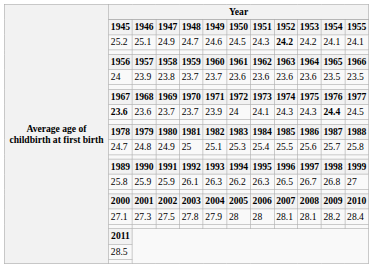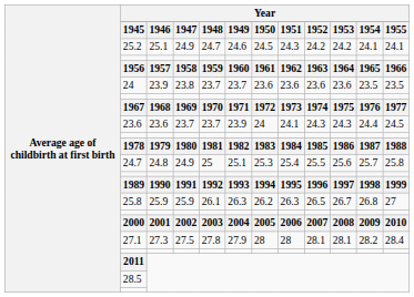 <table class="wikitable">
 <tr>
 <th rowspan="27">Average age of childbirth at first birth</th>
 <th colspan="11">Year</th>
 </tr>
 <tr>
 </tr>
 <tr>
 <th>1945</th>
 <th>1946</th>
 <th>1947</th>
 <th>1948</th>
 <th>1949</th>
 <th>1950</th>
 <th>1951</th>
 <th>1952</th>
 <th>1953</th>
 <th>1954</th>
 <th>1955</th>
 </tr>
 <tr>
 <td>25.2</td>
 <td>25.1</td>
 <td>24.9</td>
 <td>24.7</td>
 <td>24.6</td>
 <td>24.5</td>
 <td>24.3</td>
-<td><strong>24.2</strong></td>
+<td>24.2</td>
 <td>24.2</td>
 <td>24.1</td>
 <td>24.1</td>
 </tr>
 <tr>
 <td></td>
 <td></td>
 <td></td>
 <td></td>
 <td></td>
 <td></td>
 <td></td>
 <td></td>
 <td></td>
 <td></td>
 <td></td>
 </tr>
 <tr>
 <th>1956</th>
 <th>1957</th>
 <th>1958</th>
 <th>1959</th>
 <th>1960</th>
 <th>1961</th>
 <th>1962</th>
 <th>1963</th>
 <th>1964</th>
 <th>1965</th>
 <th>1966</th>
 </tr>
 <tr>
 <td>24</td>
 <td>23.9</td>
 <td>23.8</td>
 <td>23.7</td>
 <td>23.7</td>
 <td>23.6</td>
 <td>23.6</td>
 <td>23.6</td>
 <td>23.6</td>
 <td>23.5</td>
 <td>23.5</td>
 </tr>
 <tr>
 <td></td>
 <td></td>
 <td></td>
 <td></td>
 <td></td>
 <td></td>
 <td></td>
 <td></td>
 <td></td>
 <td></td>
 <td></td>
 </tr>
 <tr>
 <th>1967</th>
 <th>1968</th>
 <th>1969</th>
 <th>1970</th>
 <th>1971</th>
 <th>1972</th>
 <th>1973</th>
 <th>1974</th>
 <th>1975</th>
 <th>1976</th>
 <th>1977</th>
 </tr>
 <tr>
-<td><strong>23.6</strong></td>
+<td>23.6</td>
 <td>23.6</td>
 <td>23.7</td>
 <td>23.7</td>
 <td>23.9</td>
 <td>24</td>
 <td>24.1</td>
 <td>24.3</td>
 <td>24.3</td>
-<td><strong>24.4</strong></td>
+<td>24.4</td>
 <td>24.5</td>
 </tr>
 <tr>
 <td></td>
 <td></td>
 <td></td>
 <td></td>
 <td></td>
 <td></td>
 <td></td>
 <td></td>
 <td></td>
 <td></td>
 <td></td>
 </tr>
 <tr>
 <th>1978</th>
 <th>1979</th>
 <th>1980</th>
 <th>1981</th>
 <th>1982</th>
 <th>1983</th>
 <th>1984</th>
 <th>1985</th>
 <th>1986</th>
 <th>1987</th>
 <th>1988</th>
 </tr>
 <tr>
 <td>24.7</td>
 <td>24.8</td>
 <td>24.9</td>
 <td>25</td>
 <td>25.1</td>
 <td>25.3</td>
 <td>25.4</td>
 <td>25.5</td>
 <td>25.6</td>
 <td>25.7</td>
 <td>25.8</td>
 </tr>
 <tr>
 <td></td>
 <td></td>
 <td></td>
 <td></td>
 <td></td>
 <td></td>
 <td></td>
 <td></td>
 <td></td>
 <td></td>
 <td></td>
 </tr>
 <tr>
 <th>1989</th>
 <th>1990</th>
 <th>1991</th>
 <th>1992</th>
 <th>1993</th>
 <th>1994</th>
 <th>1995</th>
 <th>1996</th>
 <th>1997</th>
 <th>1998</th>
 <th>1999</th>
 </tr>
 <tr>
 <td>25.8</td>
 <td>25.9</td>
 <td>25.9</td>
 <td>26.1</td>
 <td>26.3</td>
 <td>26.2</td>
 <td>26.3</td>
 <td>26.5</td>
 <td>26.7</td>
 <td>26.8</td>
 <td>27</td>
 </tr>
 <tr>
 <td></td>
 <td></td>
 <td></td>
 <td></td>
 <td></td>
 <td></td>
 <td></td>
 <td></td>
 <td></td>
 <td></td>
 <td></td>
 </tr>
 <tr>
 <th>2000</th>
 <th>2001</th>
 <th>2002</th>
 <th>2003</th>
 <th>2004</th>
 <th>2005</th>
 <th>2006</th>
 <th>2007</th>
 <th>2008</th>
 <th>2009</th>
 <th>2010</th>
 </tr>
 <tr>
 <td>27.1</td>
 <td>27.3</td>
 <td>27.5</td>
 <td>27.8</td>
 <td>27.9</td>
 <td>28</td>
 <td>28</td>
 <td>28.1</td>
 <td>28.1</td>
 <td>28.2</td>
 <td>28.4</td>
 </tr>
 <tr>
 <td></td>
 <td></td>
 <td></td>
 <td></td>
 <td></td>
 <td></td>
 <td></td>
 <td></td>
 <td></td>
 <td></td>
 <td></td>
 </tr>
 <tr>
 <th>2011</th>
 <td colspan="10" rowspan="3"></td>
 </tr>
 <tr>
 <td>28.5</td>
 </tr>
 <tr>
 <td></td>
 </tr>
 </table>
